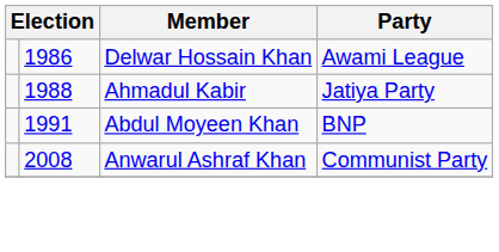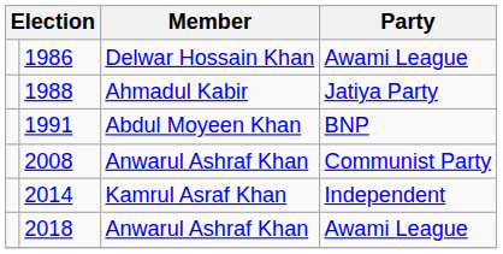 <table class="wikitable">
 <tr>
 <th colspan="2">Election</th>
 <th>Member</th>
 <th>Party</th>
 </tr>
 <tr>
 <td style="background-color:"></td>
 <td><a href='#'>1986</a></td>
 <td><a href='#'>Delwar Hossain Khan</a></td>
 <td><a href='#'>Awami League</a></td>
 </tr>
 <tr>
 <td style="background-color:"></td>
 <td><a href='#'>1988</a></td>
 <td><a href='#'>Ahmadul Kabir</a></td>
 <td><a href='#'>Jatiya Party</a></td>
 </tr>
 <tr>
 <td style="background-color:"></td>
 <td><a href='#'>1991</a></td>
 <td><a href='#'>Abdul Moyeen Khan</a></td>
 <td><a href='#'>BNP</a></td>
 </tr>
 <tr>
 <td style="background-color:"></td>
 <td><a href='#'>2008</a></td>
 <td><a href='#'>Anwarul Ashraf Khan</a></td>
 <td><a href='#'>Communist Party</a></td>
 </tr>
 <tr>
+<td style="background-color:"></td>
+<td><a href='#'>2014</a></td>
+<td><a href='#'>Kamrul Asraf Khan</a></td>
+<td><a href='#'>Independent</a></td>
+</tr>
+<tr>
+<td style="background-color:"></td>
+<td><a href='#'>2018</a></td>
+<td><a href='#'>Anwarul Ashraf Khan</a></td>
+<td><a href='#'>Awami League</a></td>
+</tr>
+<tr>
 </tr>
 </table>
